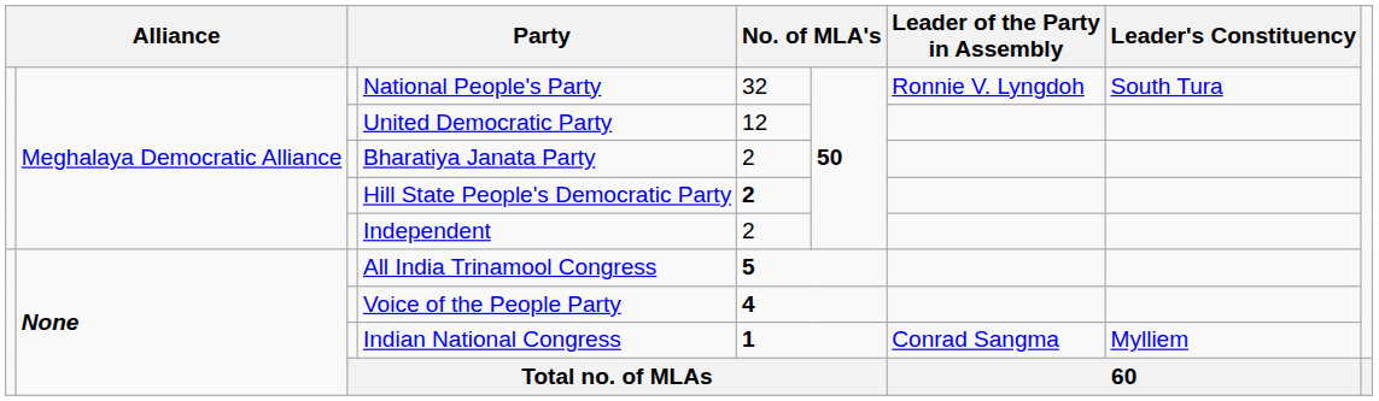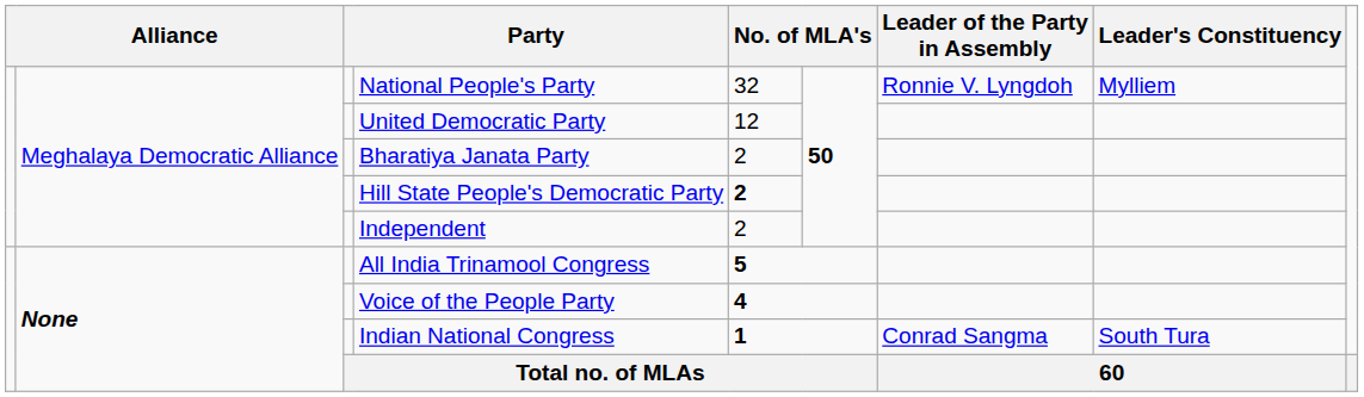 <table class="wikitable">
 <tr>
 <th colspan="2">Alliance</th>
 <th colspan="2">Party</th>
 <th colspan="2">No. of MLA's</th>
 <th>Leader of the Party<br>in Assembly</th>
 <th>Leader's Constituency</th>
 </tr>
 <tr>
 <td rowspan="5" style="background:"></td>
 <td rowspan="5"><a href='#'>Meghalaya Democratic Alliance</a></td>
 <td style="background:"></td>
 <td><a href='#'>National People's Party</a></td>
 <td>32</td>
 <td rowspan="5"><strong>50</strong></td>
 <td><a href='#'>Ronnie V. Lyngdoh</a></td>
-<td><a href='#'>South Tura</a></td>
+<td><a href='#'>Mylliem</a></td>
 </tr>
 <tr>
 <td style="background:"></td>
 <td><a href='#'>United Democratic Party</a></td>
 <td>12</td>
 <td></td>
 <td></td>
 </tr>
 <tr>
 <td style="background:"></td>
 <td><a href='#'>Bharatiya Janata Party</a></td>
 <td>2</td>
 <td></td>
 <td></td>
 </tr>
 <tr>
 <td></td>
 <td><a href='#'>Hill State People's Democratic Party</a></td>
 <td colspan="2"><strong>2</strong></td>
 <td></td>
 <td></td>
 </tr>
 <tr>
 <td style="background:"></td>
 <td><a href='#'>Independent</a></td>
 <td>2</td>
 <td></td>
 <td></td>
 </tr>
 <tr>
 <td rowspan="4"></td>
 <td rowspan="4"><strong><em>None</em></strong></td>
 <td></td>
 <td><a href='#'>All India Trinamool Congress</a></td>
 <td colspan="2"><strong>5</strong></td>
 <td></td>
 <td></td>
 </tr>
 <tr>
 <td></td>
 <td><a href='#'>Voice of the People Party</a></td>
 <td colspan="2"><strong>4</strong></td>
 <td></td>
 <td></td>
 </tr>
 <tr>
 <td></td>
 <td><a href='#'>Indian National Congress</a></td>
 <td colspan="2"><strong>1</strong></td>
 <td><a href='#'>Conrad Sangma</a></td>
-<td><a href='#'>Mylliem</a></td>
+<td><a href='#'>South Tura</a></td>
 </tr>
 <tr>
 <th colspan="4">Total no. of MLAs</th>
 <th colspan=2>60</th>
 <th colspan=2></th>
 </tr>
 </table>
